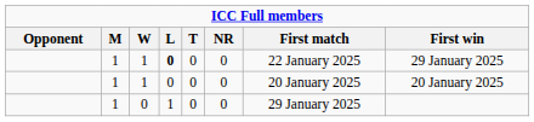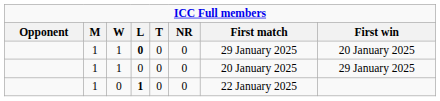 <table class="wikitable" style="text-align: center; width: 600px">
 <tr>
 <td colspan="30" style="text-align: center;"><strong><a href='#'>ICC Full members</a></strong></td>
 </tr>
 <tr>
 <th>Opponent</th>
 <th>M</th>
 <th>W</th>
 <th>L</th>
 <th>T</th>
 <th>NR</th>
 <th>First match</th>
 <th>First win</th>
 </tr>
 <tr>
 <td></td>
 <td>1</td>
 <td>1</td>
 <td><strong>0</strong></td>
 <td>0</td>
 <td>0</td>
-<td>22 January 2025</td>
 <td>29 January 2025</td>
+<td>20 January 2025</td>
 </tr>
 <tr>
 <td></td>
 <td>1</td>
 <td>1</td>
 <td>0</td>
 <td>0</td>
 <td>0</td>
 <td>20 January 2025</td>
-<td>20 January 2025</td>
+<td>29 January 2025</td>
 </tr>
 <tr>
 <td></td>
 <td>1</td>
 <td>0</td>
-<td>1</td>
+<td><strong>1</strong></td>
 <td>0</td>
 <td>0</td>
-<td>29 January 2025</td>
+<td>22 January 2025</td>
 <td></td>
 </tr>
 </table>
